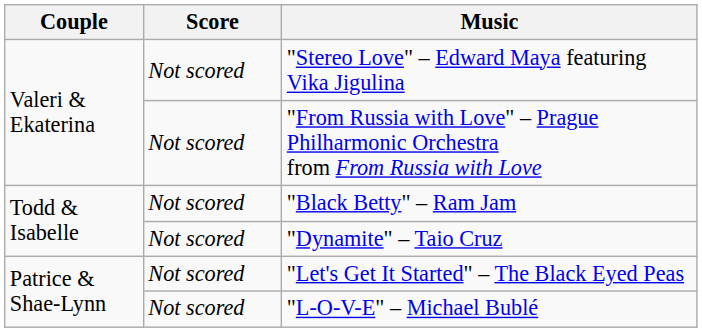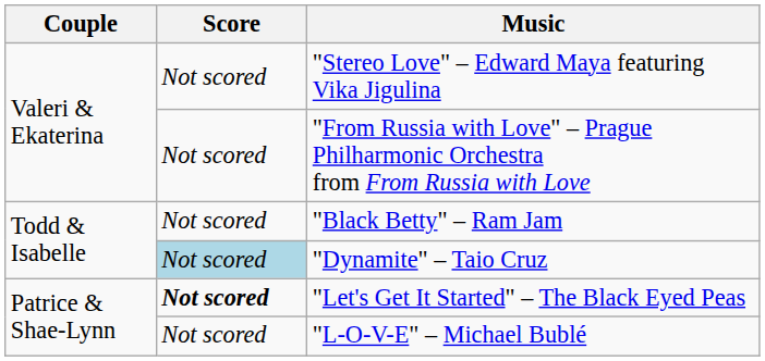 <table class="wikitable" style="width:80%;">
 <tr>
 <th style="width:20%;">Couple</th>
 <th style="width:20%;">Score</th>
 <th style="width:60%;">Music</th>
 </tr>
 <tr>
 <td rowspan=2>Valeri & Ekaterina</td>
 <td><em>Not scored</em></td>
 <td>"<a href='#'>Stereo Love</a>" – <a href='#'>Edward Maya</a> featuring <a href='#'>Vika Jigulina</a></td>
 </tr>
 <tr>
 <td><em>Not scored</em></td>
 <td>"<a href='#'>From Russia with Love</a>" – <a href='#'>Prague Philharmonic Orchestra</a> <br> from <em><a href='#'>From Russia with Love</a></em></td>
 </tr>
 <tr>
 <td rowspan=2>Todd & Isabelle</td>
 <td><em>Not scored</em></td>
 <td>"<a href='#'>Black Betty</a>" – <a href='#'>Ram Jam</a></td>
 </tr>
 <tr>
-<td><em>Not scored</em></td>
+<td style="background: lightblue;"><em>Not scored</em></td>
 <td>"<a href='#'>Dynamite</a>" – <a href='#'>Taio Cruz</a></td>
 </tr>
 <tr>
 <td rowspan=2>Patrice & Shae-Lynn</td>
-<td><em>Not scored</em></td>
+<td><strong><em>Not scored</em></strong></td>
 <td>"<a href='#'>Let's Get It Started</a>" – <a href='#'>The Black Eyed Peas</a></td>
 </tr>
 <tr>
 <td><em>Not scored</em></td>
 <td>"<a href='#'>L-O-V-E</a>" – <a href='#'>Michael Bublé</a></td>
 </tr>
 </table>
